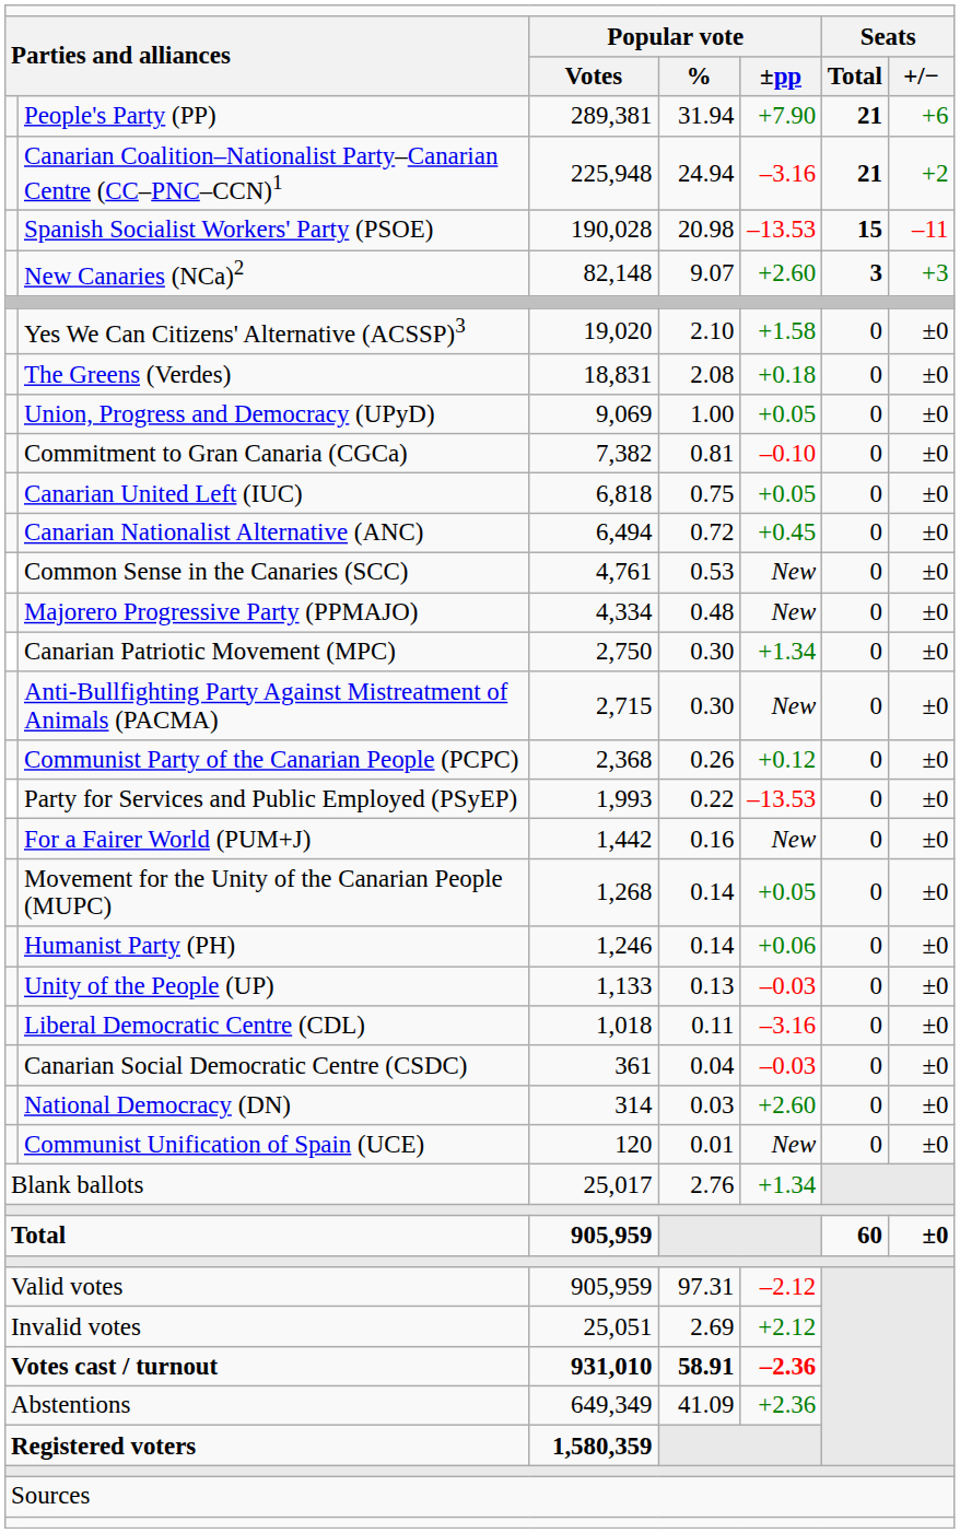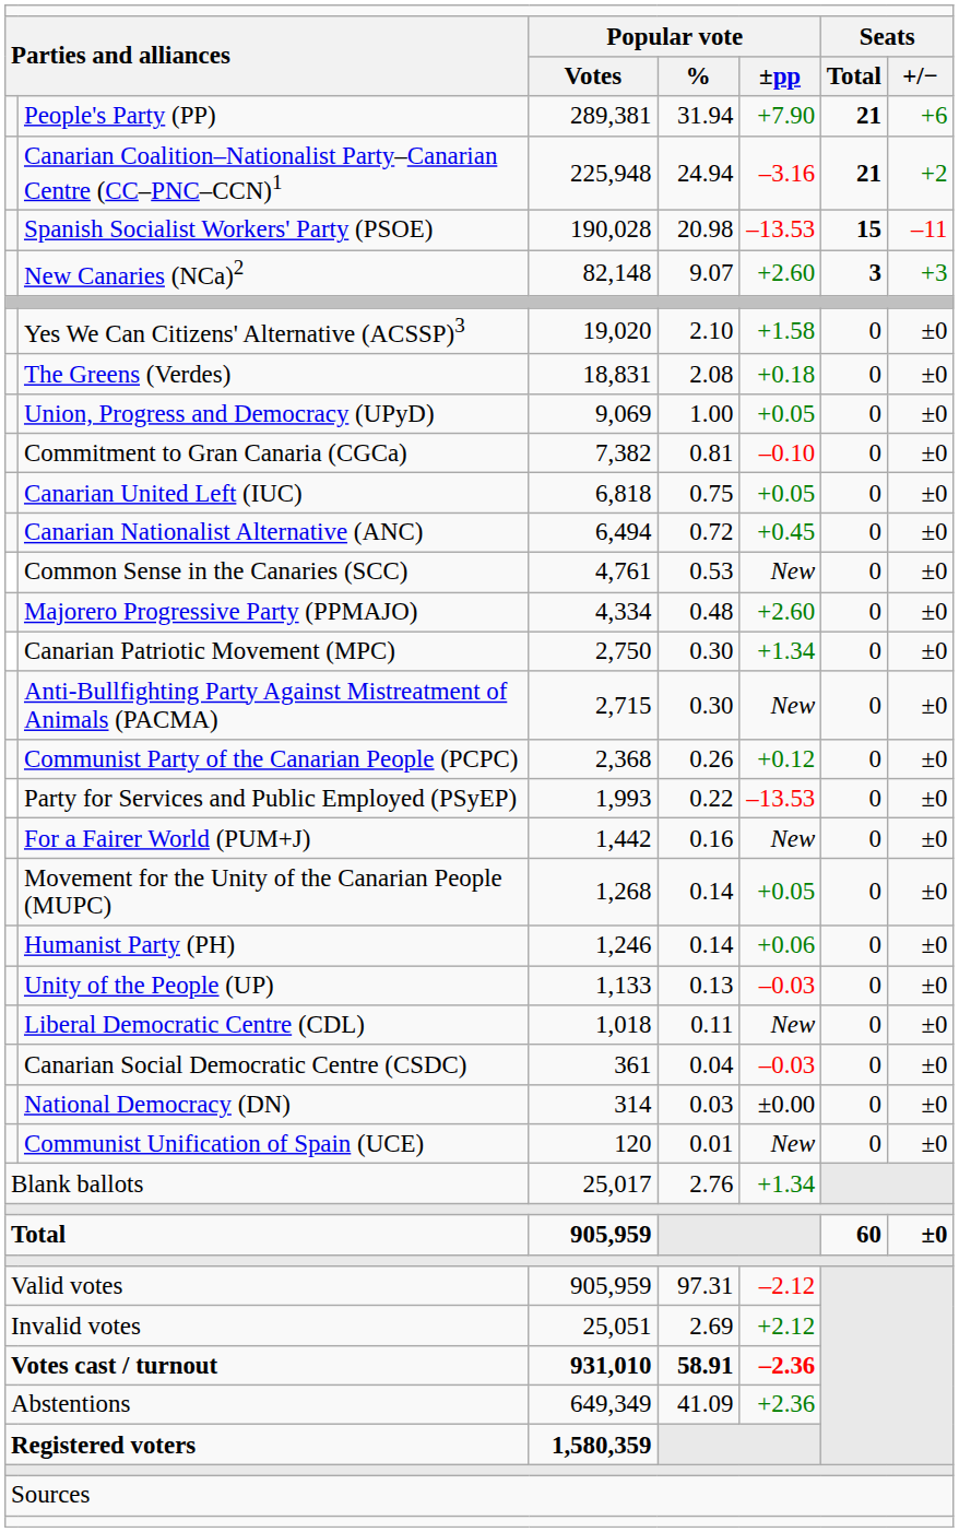 <table class="wikitable" style="text-align:right;">
 <tr>
 <td colspan="7"></td>
 </tr>
 <tr>
 <th style="text-align:left;" rowspan="2" colspan="2" width="525">Parties and alliances</th>
 <th colspan="3">Popular vote</th>
 <th colspan="2">Seats</th>
 </tr>
 <tr>
 <th width="75">Votes</th>
 <th width="45">%</th>
 <th width="45">±<a href='#'>pp</a></th>
 <th width="35">Total</th>
 <th width="35">+/−</th>
 </tr>
 <tr>
 <td width="1" style="color:inherit;background:"></td>
 <td align="left"><a href='#'>People's Party</a> (PP)</td>
 <td>289,381</td>
 <td>31.94</td>
 <td style="color:green;">+7.90</td>
 <td><strong>21</strong></td>
 <td style="color:green;">+6</td>
 </tr>
 <tr>
 <td style="color:inherit;background:"></td>
 <td align="left"><a href='#'>Canarian Coalition–Nationalist Party</a>–<a href='#'>Canarian Centre</a> (<a href='#'>CC</a>–<a href='#'>PNC</a>–CCN)<sup>1</sup></td>
 <td>225,948</td>
 <td>24.94</td>
 <td style="color:red;">–3.16</td>
 <td><strong>21</strong></td>
 <td style="color:green;">+2</td>
 </tr>
 <tr>
 <td style="color:inherit;background:"></td>
 <td align="left"><a href='#'>Spanish Socialist Workers' Party</a> (PSOE)</td>
 <td>190,028</td>
 <td>20.98</td>
 <td style="color:red;">–13.53</td>
 <td><strong>15</strong></td>
 <td style="color:red;">–11</td>
 </tr>
 <tr>
 <td style="color:inherit;background:"></td>
 <td align="left"><a href='#'>New Canaries</a> (NCa)<sup>2</sup></td>
 <td>82,148</td>
 <td>9.07</td>
 <td style="color:green;">+2.60</td>
 <td><strong>3</strong></td>
 <td style="color:green;">+3</td>
 </tr>
 <tr>
 <td colspan="7" bgcolor="#C0C0C0"></td>
 </tr>
 <tr>
 <td style="color:inherit;background:"></td>
 <td align="left">Yes We Can Citizens' Alternative (ACSSP)<sup>3</sup></td>
 <td>19,020</td>
 <td>2.10</td>
 <td style="color:green;">+1.58</td>
 <td>0</td>
 <td>±0</td>
 </tr>
 <tr>
 <td style="color:inherit;background:"></td>
 <td align="left"><a href='#'>The Greens</a> (Verdes)</td>
 <td>18,831</td>
 <td>2.08</td>
 <td style="color:green;">+0.18</td>
 <td>0</td>
 <td>±0</td>
 </tr>
 <tr>
 <td style="color:inherit;background:"></td>
 <td align="left"><a href='#'>Union, Progress and Democracy</a> (UPyD)</td>
 <td>9,069</td>
 <td>1.00</td>
 <td style="color:green;">+0.05</td>
 <td>0</td>
 <td>±0</td>
 </tr>
 <tr>
 <td style="color:inherit;background:"></td>
 <td align="left">Commitment to Gran Canaria (CGCa)</td>
 <td>7,382</td>
 <td>0.81</td>
 <td style="color:red;">–0.10</td>
 <td>0</td>
 <td>±0</td>
 </tr>
 <tr>
 <td style="color:inherit;background:"></td>
 <td align="left"><a href='#'>Canarian United Left</a> (IUC)</td>
 <td>6,818</td>
 <td>0.75</td>
 <td style="color:green;">+0.05</td>
 <td>0</td>
 <td>±0</td>
 </tr>
 <tr>
 <td style="color:inherit;background:"></td>
 <td align="left"><a href='#'>Canarian Nationalist Alternative</a> (ANC)</td>
 <td>6,494</td>
 <td>0.72</td>
 <td style="color:green;">+0.45</td>
 <td>0</td>
 <td>±0</td>
 </tr>
 <tr>
 <td bgcolor="white"></td>
 <td align="left">Common Sense in the Canaries (SCC)</td>
 <td>4,761</td>
 <td>0.53</td>
 <td><em>New</em></td>
 <td>0</td>
 <td>±0</td>
 </tr>
 <tr>
 <td style="color:inherit;background:"></td>
 <td align="left"><a href='#'>Majorero Progressive Party</a> (PPMAJO)</td>
 <td>4,334</td>
 <td>0.48</td>
-<td><em>New</em></td>
+<td style="color:green;">+2.60</td>
 <td>0</td>
 <td>±0</td>
 </tr>
 <tr>
 <td bgcolor="white"></td>
 <td align="left">Canarian Patriotic Movement (MPC)</td>
 <td>2,750</td>
 <td>0.30</td>
 <td style="color:green;">+1.34</td>
 <td>0</td>
 <td>±0</td>
 </tr>
 <tr>
 <td style="color:inherit;background:"></td>
 <td align="left"><a href='#'>Anti-Bullfighting Party Against Mistreatment of Animals</a> (PACMA)</td>
 <td>2,715</td>
 <td>0.30</td>
 <td><em>New</em></td>
 <td>0</td>
 <td>±0</td>
 </tr>
 <tr>
 <td style="color:inherit;background:"></td>
 <td align="left"><a href='#'>Communist Party of the Canarian People</a> (PCPC)</td>
 <td>2,368</td>
 <td>0.26</td>
 <td style="color:green;">+0.12</td>
 <td>0</td>
 <td>±0</td>
 </tr>
 <tr>
 <td bgcolor="white"></td>
 <td align="left">Party for Services and Public Employed (PSyEP)</td>
 <td>1,993</td>
 <td>0.22</td>
 <td style="color:red;">–13.53</td>
 <td>0</td>
 <td>±0</td>
 </tr>
 <tr>
 <td style="color:inherit;background:"></td>
 <td align="left"><a href='#'>For a Fairer World</a> (PUM+J)</td>
 <td>1,442</td>
 <td>0.16</td>
 <td><em>New</em></td>
 <td>0</td>
 <td>±0</td>
 </tr>
 <tr>
 <td style="color:inherit;background:"></td>
 <td align="left">Movement for the Unity of the Canarian People (MUPC)</td>
 <td>1,268</td>
 <td>0.14</td>
 <td style="color:green;">+0.05</td>
 <td>0</td>
 <td>±0</td>
 </tr>
 <tr>
 <td style="color:inherit;background:"></td>
 <td align="left"><a href='#'>Humanist Party</a> (PH)</td>
 <td>1,246</td>
 <td>0.14</td>
 <td style="color:green;">+0.06</td>
 <td>0</td>
 <td>±0</td>
 </tr>
 <tr>
 <td style="color:inherit;background:"></td>
 <td align="left"><a href='#'>Unity of the People</a> (UP)</td>
 <td>1,133</td>
 <td>0.13</td>
 <td style="color:red;">–0.03</td>
 <td>0</td>
 <td>±0</td>
 </tr>
 <tr>
 <td style="color:inherit;background:"></td>
 <td align="left"><a href='#'>Liberal Democratic Centre</a> (CDL)</td>
 <td>1,018</td>
 <td>0.11</td>
-<td style="color:red;">–3.16</td>
+<td><em>New</em></td>
 <td>0</td>
 <td>±0</td>
 </tr>
 <tr>
 <td style="color:inherit;background:"></td>
 <td align="left">Canarian Social Democratic Centre (CSDC)</td>
 <td>361</td>
 <td>0.04</td>
 <td style="color:red;">–0.03</td>
 <td>0</td>
 <td>±0</td>
 </tr>
 <tr>
 <td style="color:inherit;background:"></td>
 <td align="left"><a href='#'>National Democracy</a> (DN)</td>
 <td>314</td>
 <td>0.03</td>
-<td style="color:green;">+2.60</td>
+<td>±0.00</td>
 <td>0</td>
 <td>±0</td>
 </tr>
 <tr>
 <td style="color:inherit;background:"></td>
 <td align="left"><a href='#'>Communist Unification of Spain</a> (UCE)</td>
 <td>120</td>
 <td>0.01</td>
 <td><em>New</em></td>
 <td>0</td>
 <td>±0</td>
 </tr>
 <tr>
 <td align="left" colspan="2">Blank ballots</td>
 <td>25,017</td>
 <td>2.76</td>
 <td style="color:green;">+1.34</td>
 <td bgcolor="#E9E9E9" colspan="2"></td>
 </tr>
 <tr>
 <td colspan="7" bgcolor="#E9E9E9"></td>
 </tr>
 <tr style="font-weight:bold;">
 <td align="left" colspan="2">Total</td>
 <td>905,959</td>
 <td bgcolor="#E9E9E9" colspan="2"></td>
 <td>60</td>
 <td>±0</td>
 </tr>
 <tr>
 <td colspan="7" bgcolor="#E9E9E9"></td>
 </tr>
 <tr>
 <td align="left" colspan="2">Valid votes</td>
 <td>905,959</td>
 <td>97.31</td>
 <td style="color:red;">–2.12</td>
 <td bgcolor="#E9E9E9" colspan="2" rowspan="5"></td>
 </tr>
 <tr>
 <td align="left" colspan="2">Invalid votes</td>
 <td>25,051</td>
 <td>2.69</td>
 <td style="color:green;">+2.12</td>
 </tr>
 <tr style="font-weight:bold;">
 <td align="left" colspan="2">Votes cast / turnout</td>
 <td>931,010</td>
 <td>58.91</td>
 <td style="color:red;">–2.36</td>
 </tr>
 <tr>
 <td align="left" colspan="2">Abstentions</td>
 <td>649,349</td>
 <td>41.09</td>
 <td style="color:green;">+2.36</td>
 </tr>
 <tr style="font-weight:bold;">
 <td align="left" colspan="2">Registered voters</td>
 <td>1,580,359</td>
 <td bgcolor="#E9E9E9" colspan="2"></td>
 </tr>
 <tr>
 <td colspan="7" bgcolor="#E9E9E9"></td>
 </tr>
 <tr>
 <td align="left" colspan="7">Sources</td>
 </tr>
 <tr>
 <td colspan="7" style="text-align:left; max-width:790px;"></td>
 </tr>
 </table>
